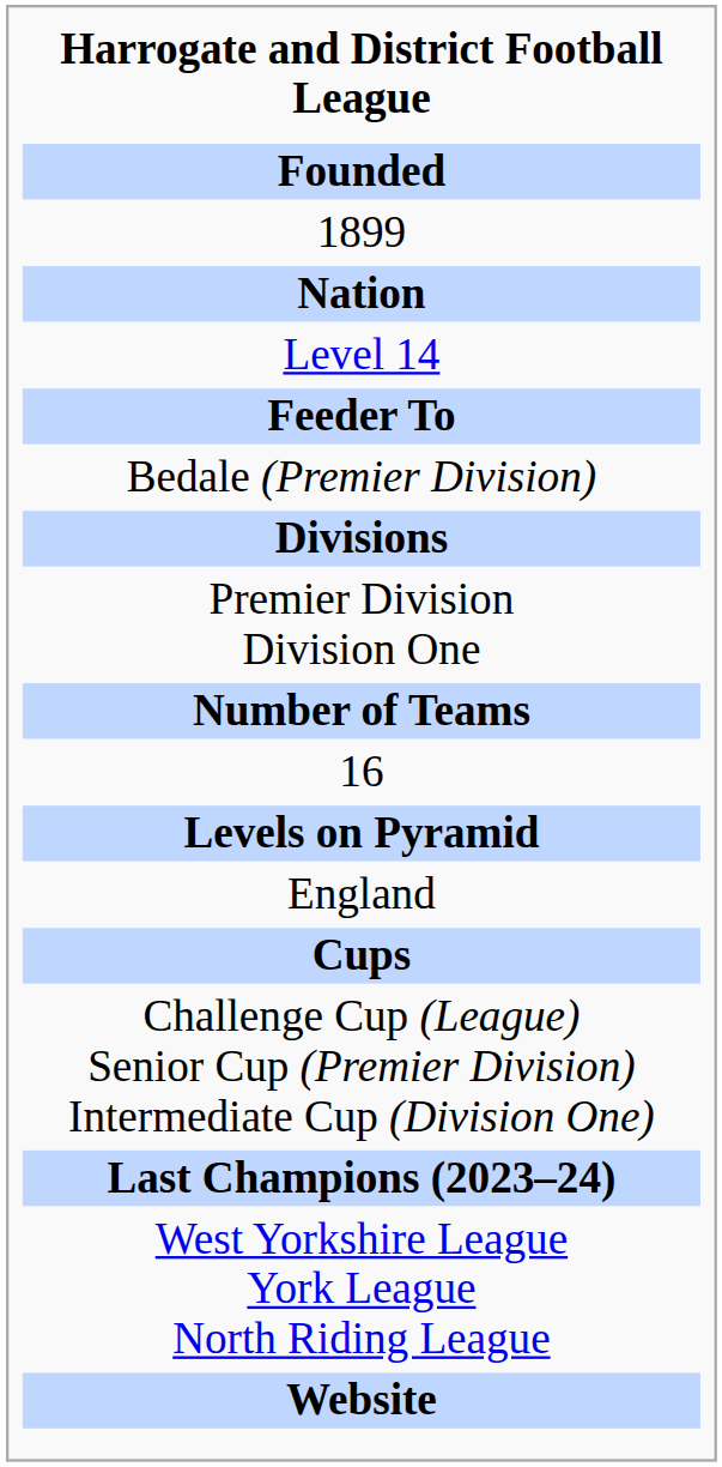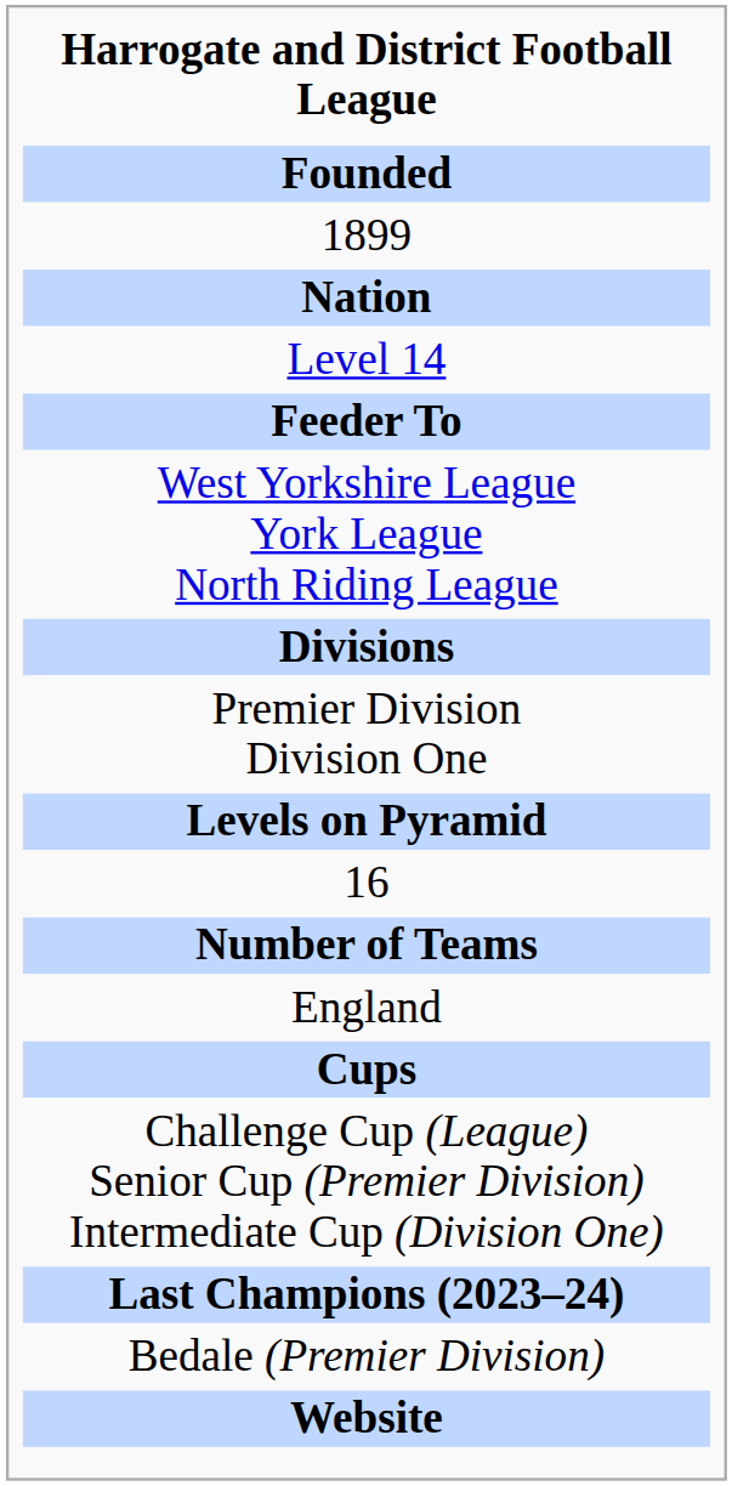 <table class="infobox football" style="width: 16em; text-align: center;">
 <tr>
 <th style="">Harrogate and District Football League</th>
 </tr>
 <tr>
 <td style="line-height: 15px;"></td>
 </tr>
 <tr>
 <td style="background: #BFD7FF;"><strong>Founded</strong></td>
 </tr>
 <tr>
 <td style="">1899</td>
 </tr>
 <tr>
 <td style="background: #BFD7FF;"><strong>Nation</strong></td>
 </tr>
 <tr>
 <td style=""><a href='#'>Level 14</a></td>
 </tr>
 <tr>
 <td style="background: #BFD7FF;"><strong>Feeder To</strong></td>
 </tr>
 <tr>
-<td style="">Bedale <em>(Premier Division)</em></td>
+<td style=""><a href='#'>West Yorkshire League</a><br><a href='#'>York League</a><br><a href='#'>North Riding League</a></td>
 </tr>
 <tr>
 <td style="background: #BFD7FF;"><strong>Divisions</strong></td>
 </tr>
 <tr>
 <td style="">Premier Division<br>Division One</td>
 </tr>
 <tr>
-<td style="background: #BFD7FF;"><strong>Number of Teams</strong></td>
+<td style="background: #BFD7FF;"><strong>Levels on Pyramid</strong></td>
 </tr>
 <tr>
 <td style="">16</td>
 </tr>
 <tr>
-<td style="background: #BFD7FF;"><strong>Levels on Pyramid</strong></td>
+<td style="background: #BFD7FF;"><strong>Number of Teams</strong></td>
 </tr>
 <tr>
 <td style="">England</td>
 </tr>
 <tr>
 <td style="background: #BFD7FF;"><strong>Cups</strong></td>
 </tr>
 <tr>
 <td style="">Challenge Cup <em>(League)</em><br>Senior Cup <em>(Premier Division)</em><br>Intermediate Cup <em>(Division One)</em></td>
 </tr>
 <tr>
 <td style="background: #BFD7FF;"><strong>Last Champions (2023–24)</strong></td>
 </tr>
 <tr>
-<td style=""><a href='#'>West Yorkshire League</a><br><a href='#'>York League</a><br><a href='#'>North Riding League</a></td>
+<td style="">Bedale <em>(Premier Division)</em></td>
 </tr>
 <tr>
 <td style="background: #BFD7FF;"><strong>Website</strong></td>
 </tr>
 <tr>
 <td style=""></td>
 </tr>
 <tr>
 </tr>
 </table>
